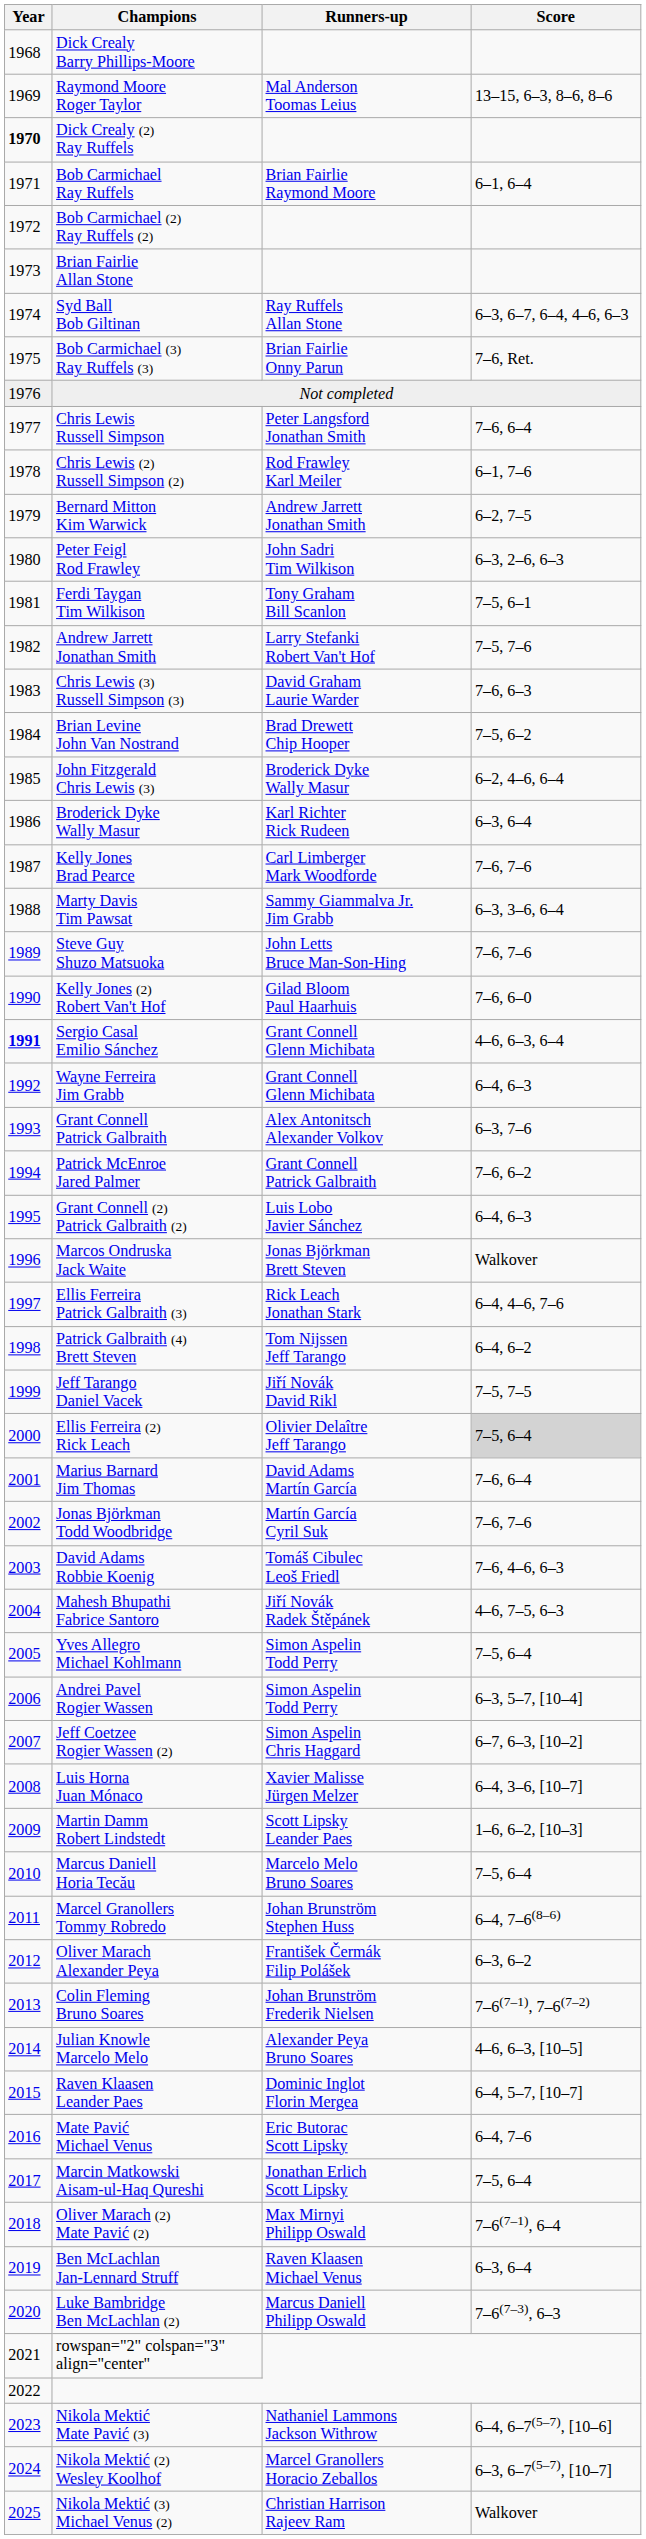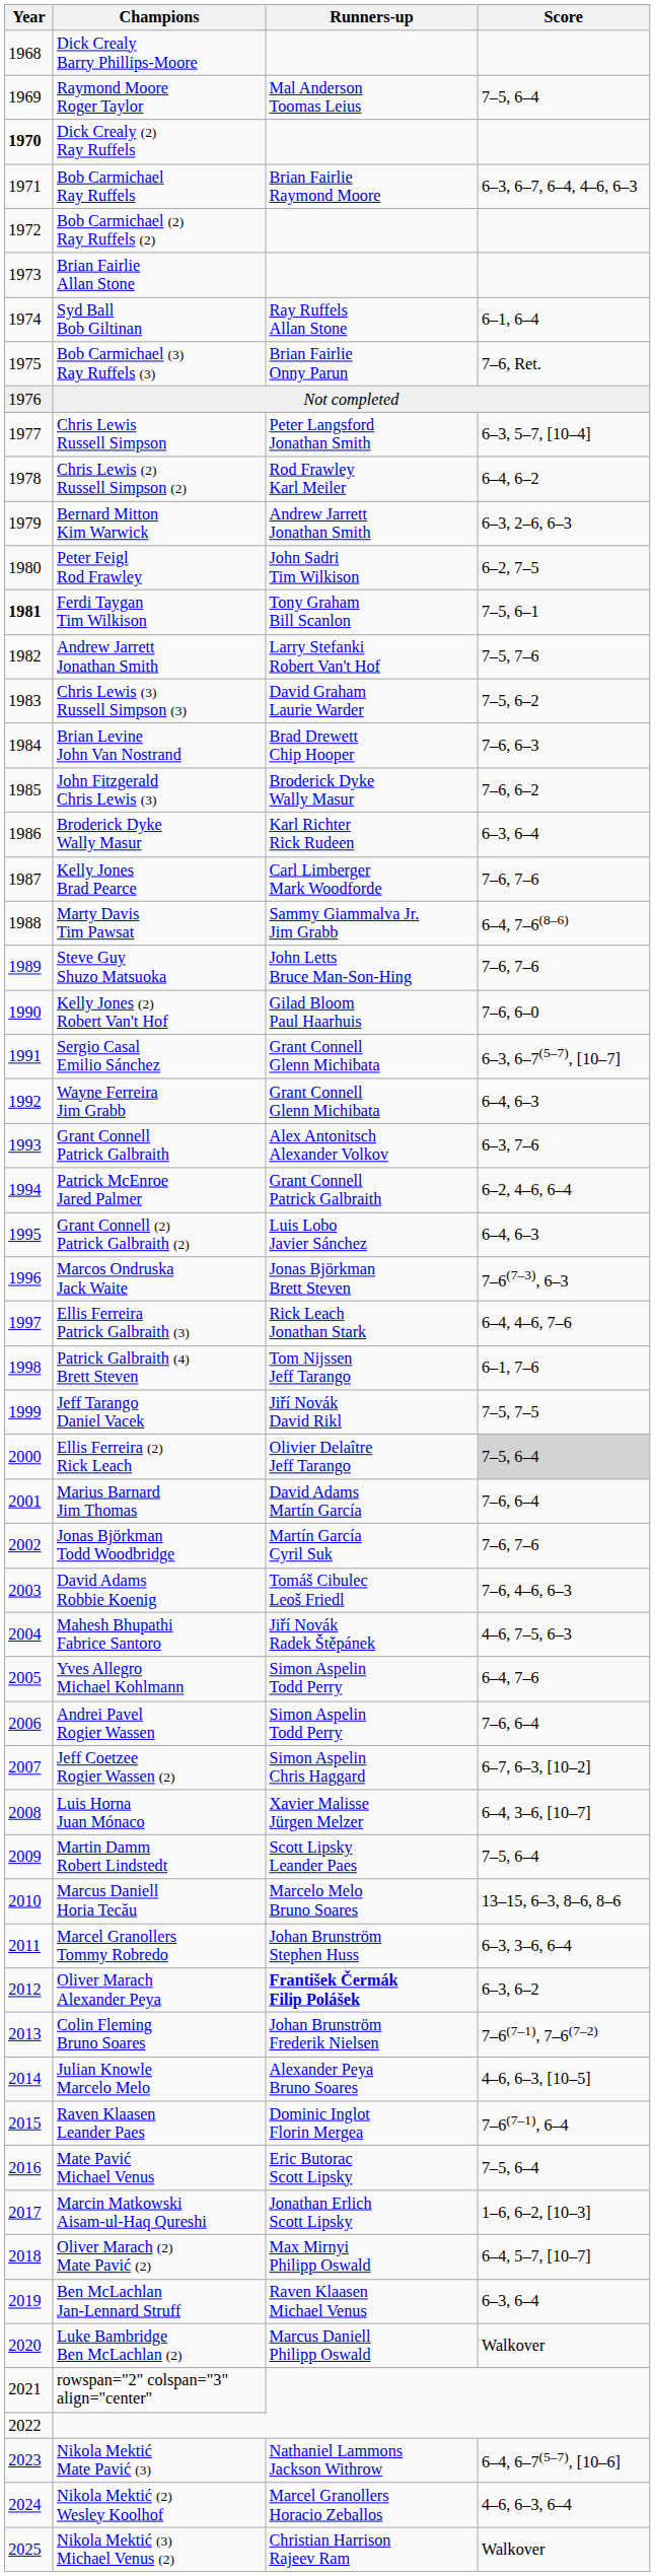 <table class="wikitable">
 <tr>
 <th style="width:40px">Year</th>
 <th style="width:200px">Champions</th>
 <th style="width:200px">Runners-up</th>
 <th style="width:160px" class="unsortable">Score</th>
 </tr>
 <tr>
 <td>1968</td>
 <td> <a href='#'>Dick Crealy</a><br> <a href='#'>Barry Phillips-Moore</a></td>
 <td></td>
 <td></td>
 </tr>
 <tr>
 <td>1969</td>
 <td> <a href='#'>Raymond Moore</a><br> <a href='#'>Roger Taylor</a></td>
 <td> <a href='#'>Mal Anderson</a><br> <a href='#'>Toomas Leius</a></td>
-<td>13–15, 6–3, 8–6, 8–6</td>
+<td>7–5, 6–4</td>
 </tr>
 <tr>
 <td><strong>1970</strong></td>
 <td> <a href='#'>Dick Crealy</a> <small>(2)</small><br> <a href='#'>Ray Ruffels</a></td>
 <td></td>
 <td></td>
 </tr>
 <tr>
 <td>1971</td>
 <td> <a href='#'>Bob Carmichael</a><br> <a href='#'>Ray Ruffels</a></td>
 <td> <a href='#'>Brian Fairlie</a><br> <a href='#'>Raymond Moore</a></td>
-<td>6–1, 6–4</td>
+<td>6–3, 6–7, 6–4, 4–6, 6–3</td>
 </tr>
 <tr>
 <td>1972</td>
 <td> <a href='#'>Bob Carmichael</a> <small>(2)</small><br> <a href='#'>Ray Ruffels</a> <small>(2)</small></td>
 <td></td>
 <td></td>
 </tr>
 <tr>
 <td>1973</td>
 <td> <a href='#'>Brian Fairlie</a><br> <a href='#'>Allan Stone</a></td>
 <td></td>
 <td></td>
 </tr>
 <tr>
 <td>1974</td>
 <td> <a href='#'>Syd Ball</a><br> <a href='#'>Bob Giltinan</a></td>
 <td> <a href='#'>Ray Ruffels</a><br> <a href='#'>Allan Stone</a></td>
-<td>6–3, 6–7, 6–4, 4–6, 6–3</td>
+<td>6–1, 6–4</td>
 </tr>
 <tr>
 <td>1975</td>
 <td> <a href='#'>Bob Carmichael</a> <small>(3)</small><br> <a href='#'>Ray Ruffels</a> <small>(3)</small></td>
 <td> <a href='#'>Brian Fairlie</a><br> <a href='#'>Onny Parun</a></td>
 <td>7–6, Ret.</td>
 </tr>
 <tr>
 <td style="background:#efefef">1976</td>
 <td colspan=3 align=center style="background:#efefef"><em>Not completed</em></td>
 </tr>
 <tr>
 <td>1977</td>
 <td> <a href='#'>Chris Lewis</a> <br> <a href='#'>Russell Simpson</a></td>
 <td> <a href='#'>Peter Langsford</a><br> <a href='#'>Jonathan Smith</a></td>
-<td>7–6, 6–4</td>
+<td>6–3, 5–7, [10–4]</td>
 </tr>
 <tr>
 <td>1978</td>
 <td> <a href='#'>Chris Lewis</a> <small>(2)</small><br> <a href='#'>Russell Simpson</a> <small>(2)</small></td>
 <td> <a href='#'>Rod Frawley</a><br> <a href='#'>Karl Meiler</a></td>
-<td>6–1, 7–6</td>
+<td>6–4, 6–2</td>
 </tr>
 <tr>
 <td>1979</td>
 <td> <a href='#'>Bernard Mitton</a><br> <a href='#'>Kim Warwick</a></td>
 <td> <a href='#'>Andrew Jarrett</a><br> <a href='#'>Jonathan Smith</a></td>
-<td>6–2, 7–5</td>
+<td>6–3, 2–6, 6–3</td>
 </tr>
 <tr>
 <td>1980</td>
 <td> <a href='#'>Peter Feigl</a><br> <a href='#'>Rod Frawley</a></td>
 <td> <a href='#'>John Sadri</a><br> <a href='#'>Tim Wilkison</a></td>
-<td>6–3, 2–6, 6–3</td>
+<td>6–2, 7–5</td>
 </tr>
 <tr>
-<td>1981</td>
+<td><strong>1981</strong></td>
 <td> <a href='#'>Ferdi Taygan</a><br> <a href='#'>Tim Wilkison</a></td>
 <td> <a href='#'>Tony Graham</a><br> <a href='#'>Bill Scanlon</a></td>
 <td>7–5, 6–1</td>
 </tr>
 <tr>
 <td>1982</td>
 <td> <a href='#'>Andrew Jarrett</a><br> <a href='#'>Jonathan Smith</a></td>
 <td> <a href='#'>Larry Stefanki</a><br> <a href='#'>Robert Van't Hof</a></td>
 <td>7–5, 7–6</td>
 </tr>
 <tr>
 <td>1983</td>
 <td> <a href='#'>Chris Lewis</a> <small>(3)</small><br> <a href='#'>Russell Simpson</a> <small>(3)</small></td>
 <td> <a href='#'>David Graham</a><br> <a href='#'>Laurie Warder</a></td>
-<td>7–6, 6–3</td>
+<td>7–5, 6–2</td>
 </tr>
 <tr>
 <td>1984</td>
 <td> <a href='#'>Brian Levine</a><br> <a href='#'>John Van Nostrand</a></td>
 <td> <a href='#'>Brad Drewett</a><br> <a href='#'>Chip Hooper</a></td>
-<td>7–5, 6–2</td>
+<td>7–6, 6–3</td>
 </tr>
 <tr>
 <td>1985</td>
 <td> <a href='#'>John Fitzgerald</a><br> <a href='#'>Chris Lewis</a> <small>(3)</small></td>
 <td> <a href='#'>Broderick Dyke</a><br> <a href='#'>Wally Masur</a></td>
-<td>6–2, 4–6, 6–4</td>
+<td>7–6, 6–2</td>
 </tr>
 <tr>
 <td>1986</td>
 <td> <a href='#'>Broderick Dyke</a><br> <a href='#'>Wally Masur</a></td>
 <td> <a href='#'>Karl Richter</a><br> <a href='#'>Rick Rudeen</a></td>
 <td>6–3, 6–4</td>
 </tr>
 <tr>
 <td>1987</td>
 <td> <a href='#'>Kelly Jones</a><br> <a href='#'>Brad Pearce</a></td>
 <td> <a href='#'>Carl Limberger</a><br> <a href='#'>Mark Woodforde</a></td>
 <td>7–6, 7–6</td>
 </tr>
 <tr>
 <td>1988</td>
 <td> <a href='#'>Marty Davis</a><br> <a href='#'>Tim Pawsat</a></td>
 <td> <a href='#'>Sammy Giammalva Jr.</a><br> <a href='#'>Jim Grabb</a></td>
-<td>6–3, 3–6, 6–4</td>
+<td>6–4, 7–6<sup>(8–6)</sup></td>
 </tr>
 <tr>
 <td><a href='#'>1989</a></td>
 <td> <a href='#'>Steve Guy</a><br> <a href='#'>Shuzo Matsuoka</a></td>
 <td> <a href='#'>John Letts</a><br> <a href='#'>Bruce Man-Son-Hing</a></td>
 <td>7–6, 7–6</td>
 </tr>
 <tr>
 <td><a href='#'>1990</a></td>
 <td> <a href='#'>Kelly Jones</a> <small>(2)</small><br> <a href='#'>Robert Van't Hof</a></td>
 <td> <a href='#'>Gilad Bloom</a><br> <a href='#'>Paul Haarhuis</a></td>
 <td>7–6, 6–0</td>
 </tr>
 <tr>
-<td><strong><a href='#'>1991</a></strong></td>
+<td><a href='#'>1991</a></td>
 <td> <a href='#'>Sergio Casal</a><br> <a href='#'>Emilio Sánchez</a></td>
 <td> <a href='#'>Grant Connell</a><br> <a href='#'>Glenn Michibata</a></td>
-<td>4–6, 6–3, 6–4</td>
+<td>6–3, 6–7<sup>(5–7)</sup>, [10–7]</td>
 </tr>
 <tr>
 <td><a href='#'>1992</a></td>
 <td> <a href='#'>Wayne Ferreira</a><br> <a href='#'>Jim Grabb</a></td>
 <td> <a href='#'>Grant Connell</a><br> <a href='#'>Glenn Michibata</a></td>
 <td>6–4, 6–3</td>
 </tr>
 <tr>
 <td><a href='#'>1993</a></td>
 <td> <a href='#'>Grant Connell</a><br> <a href='#'>Patrick Galbraith</a></td>
 <td> <a href='#'>Alex Antonitsch</a><br> <a href='#'>Alexander Volkov</a></td>
 <td>6–3, 7–6</td>
 </tr>
 <tr>
 <td><a href='#'>1994</a></td>
 <td> <a href='#'>Patrick McEnroe</a><br> <a href='#'>Jared Palmer</a></td>
 <td> <a href='#'>Grant Connell</a><br> <a href='#'>Patrick Galbraith</a></td>
-<td>7–6, 6–2</td>
+<td>6–2, 4–6, 6–4</td>
 </tr>
 <tr>
 <td><a href='#'>1995</a></td>
 <td> <a href='#'>Grant Connell</a> <small>(2)</small><br> <a href='#'>Patrick Galbraith</a> <small>(2)</small></td>
 <td> <a href='#'>Luis Lobo</a><br> <a href='#'>Javier Sánchez</a></td>
 <td>6–4, 6–3</td>
 </tr>
 <tr>
 <td><a href='#'>1996</a></td>
 <td> <a href='#'>Marcos Ondruska</a><br> <a href='#'>Jack Waite</a></td>
 <td> <a href='#'>Jonas Björkman</a><br> <a href='#'>Brett Steven</a></td>
-<td>Walkover</td>
+<td>7–6<sup>(7–3)</sup>, 6–3</td>
 </tr>
 <tr>
 <td><a href='#'>1997</a></td>
 <td> <a href='#'>Ellis Ferreira</a><br> <a href='#'>Patrick Galbraith</a> <small>(3)</small></td>
 <td> <a href='#'>Rick Leach</a><br> <a href='#'>Jonathan Stark</a></td>
 <td>6–4, 4–6, 7–6</td>
 </tr>
 <tr>
 <td><a href='#'>1998</a></td>
 <td> <a href='#'>Patrick Galbraith</a> <small>(4)</small><br> <a href='#'>Brett Steven</a></td>
 <td> <a href='#'>Tom Nijssen</a><br> <a href='#'>Jeff Tarango</a></td>
-<td>6–4, 6–2</td>
+<td>6–1, 7–6</td>
 </tr>
 <tr>
 <td><a href='#'>1999</a></td>
 <td> <a href='#'>Jeff Tarango</a><br> <a href='#'>Daniel Vacek</a></td>
 <td> <a href='#'>Jiří Novák</a><br> <a href='#'>David Rikl</a></td>
 <td>7–5, 7–5</td>
 </tr>
 <tr>
 <td><a href='#'>2000</a></td>
 <td> <a href='#'>Ellis Ferreira</a> <small>(2)</small><br> <a href='#'>Rick Leach</a></td>
 <td> <a href='#'>Olivier Delaître</a><br> <a href='#'>Jeff Tarango</a></td>
 <td style="background: lightgrey;">7–5, 6–4</td>
 </tr>
 <tr>
 <td><a href='#'>2001</a></td>
 <td> <a href='#'>Marius Barnard</a><br> <a href='#'>Jim Thomas</a></td>
 <td> <a href='#'>David Adams</a><br> <a href='#'>Martín García</a></td>
 <td>7–6, 6–4</td>
 </tr>
 <tr>
 <td><a href='#'>2002</a></td>
 <td> <a href='#'>Jonas Björkman</a><br> <a href='#'>Todd Woodbridge</a></td>
 <td> <a href='#'>Martín García</a><br> <a href='#'>Cyril Suk</a></td>
 <td>7–6, 7–6</td>
 </tr>
 <tr>
 <td><a href='#'>2003</a></td>
 <td> <a href='#'>David Adams</a><br> <a href='#'>Robbie Koenig</a></td>
 <td> <a href='#'>Tomáš Cibulec</a><br> <a href='#'>Leoš Friedl</a></td>
 <td>7–6, 4–6, 6–3</td>
 </tr>
 <tr>
 <td><a href='#'>2004</a></td>
 <td> <a href='#'>Mahesh Bhupathi</a><br> <a href='#'>Fabrice Santoro</a></td>
 <td> <a href='#'>Jiří Novák</a><br> <a href='#'>Radek Štěpánek</a></td>
 <td>4–6, 7–5, 6–3</td>
 </tr>
 <tr>
 <td><a href='#'>2005</a></td>
 <td> <a href='#'>Yves Allegro</a><br> <a href='#'>Michael Kohlmann</a></td>
 <td> <a href='#'>Simon Aspelin</a><br> <a href='#'>Todd Perry</a></td>
-<td>7–5, 6–4</td>
+<td>6–4, 7–6</td>
 </tr>
 <tr>
 <td><a href='#'>2006</a></td>
 <td> <a href='#'>Andrei Pavel</a><br> <a href='#'>Rogier Wassen</a></td>
 <td> <a href='#'>Simon Aspelin</a><br> <a href='#'>Todd Perry</a></td>
-<td>6–3, 5–7, [10–4]</td>
+<td>7–6, 6–4</td>
 </tr>
 <tr>
 <td><a href='#'>2007</a></td>
 <td> <a href='#'>Jeff Coetzee</a><br> <a href='#'>Rogier Wassen</a> <small>(2)</small></td>
 <td> <a href='#'>Simon Aspelin</a><br> <a href='#'>Chris Haggard</a></td>
 <td>6–7, 6–3, [10–2]</td>
 </tr>
 <tr>
 <td><a href='#'>2008</a></td>
 <td> <a href='#'>Luis Horna</a><br> <a href='#'>Juan Mónaco</a></td>
 <td> <a href='#'>Xavier Malisse</a><br> <a href='#'>Jürgen Melzer</a></td>
 <td>6–4, 3–6, [10–7]</td>
 </tr>
 <tr>
 <td><a href='#'>2009</a></td>
 <td> <a href='#'>Martin Damm</a><br> <a href='#'>Robert Lindstedt</a></td>
 <td> <a href='#'>Scott Lipsky</a><br> <a href='#'>Leander Paes</a></td>
-<td>1–6, 6–2, [10–3]</td>
+<td>7–5, 6–4</td>
 </tr>
 <tr>
 <td><a href='#'>2010</a></td>
 <td> <a href='#'>Marcus Daniell</a><br> <a href='#'>Horia Tecău</a></td>
 <td> <a href='#'>Marcelo Melo</a><br> <a href='#'>Bruno Soares</a></td>
-<td>7–5, 6–4</td>
+<td>13–15, 6–3, 8–6, 8–6</td>
 </tr>
 <tr>
 <td><a href='#'>2011</a></td>
 <td> <a href='#'>Marcel Granollers</a> <br> <a href='#'>Tommy Robredo</a></td>
 <td> <a href='#'>Johan Brunström</a> <br> <a href='#'>Stephen Huss</a></td>
-<td>6–4, 7–6<sup>(8–6)</sup></td>
+<td>6–3, 3–6, 6–4</td>
 </tr>
 <tr>
 <td><a href='#'>2012</a></td>
 <td> <a href='#'>Oliver Marach</a> <br> <a href='#'>Alexander Peya</a></td>
-<td> <a href='#'>František Čermák</a> <br> <a href='#'>Filip Polášek</a></td>
+<td><strong> <a href='#'>František Čermák</a> <br> <a href='#'>Filip Polášek</a></strong></td>
 <td>6–3, 6–2</td>
 </tr>
 <tr>
 <td><a href='#'>2013</a></td>
 <td> <a href='#'>Colin Fleming</a> <br> <a href='#'>Bruno Soares</a></td>
 <td> <a href='#'>Johan Brunström</a> <br> <a href='#'>Frederik Nielsen</a></td>
 <td>7–6<sup>(7–1)</sup>, 7–6<sup>(7–2)</sup></td>
 </tr>
 <tr>
 <td><a href='#'>2014</a></td>
 <td> <a href='#'>Julian Knowle</a> <br> <a href='#'>Marcelo Melo</a></td>
 <td> <a href='#'>Alexander Peya</a> <br> <a href='#'>Bruno Soares</a></td>
 <td>4–6, 6–3, [10–5]</td>
 </tr>
 <tr>
 <td><a href='#'>2015</a></td>
 <td> <a href='#'>Raven Klaasen</a><br> <a href='#'>Leander Paes</a></td>
 <td> <a href='#'>Dominic Inglot</a><br> <a href='#'>Florin Mergea</a></td>
-<td>6–4, 5–7, [10–7]</td>
+<td>7–6<sup>(7–1)</sup>, 6–4</td>
 </tr>
 <tr>
 <td><a href='#'>2016</a></td>
 <td> <a href='#'>Mate Pavić</a><br> <a href='#'>Michael Venus</a></td>
 <td> <a href='#'>Eric Butorac</a><br> <a href='#'>Scott Lipsky</a></td>
-<td>6–4, 7–6</td>
+<td>7–5, 6–4</td>
 </tr>
 <tr>
 <td><a href='#'>2017</a></td>
 <td> <a href='#'>Marcin Matkowski</a><br> <a href='#'>Aisam-ul-Haq Qureshi</a></td>
 <td> <a href='#'>Jonathan Erlich</a><br> <a href='#'>Scott Lipsky</a></td>
-<td>7–5, 6–4</td>
+<td>1–6, 6–2, [10–3]</td>
 </tr>
 <tr>
 <td><a href='#'>2018</a></td>
 <td> <a href='#'>Oliver Marach</a> <small>(2)</small> <br> <a href='#'>Mate Pavić</a> <small>(2)</small></td>
 <td> <a href='#'>Max Mirnyi</a><br> <a href='#'>Philipp Oswald</a></td>
-<td>7–6<sup>(7–1)</sup>, 6–4</td>
+<td>6–4, 5–7, [10–7]</td>
 </tr>
 <tr>
 <td><a href='#'>2019</a></td>
 <td> <a href='#'>Ben McLachlan</a><br> <a href='#'>Jan-Lennard Struff</a></td>
 <td> <a href='#'>Raven Klaasen</a><br> <a href='#'>Michael Venus</a></td>
 <td>6–3, 6–4</td>
 </tr>
 <tr>
 <td><a href='#'>2020</a></td>
 <td> <a href='#'>Luke Bambridge</a><br> <a href='#'>Ben McLachlan</a> <small>(2)</small></td>
 <td> <a href='#'>Marcus Daniell</a><br> <a href='#'>Philipp Oswald</a></td>
-<td>7–6<sup>(7–3)</sup>, 6–3</td>
+<td>Walkover</td>
 </tr>
 <tr>
 <td>2021</td>
 <td>rowspan="2" colspan="3" align="center" </td>
 </tr>
 <tr>
 <td>2022</td>
 </tr>
 <tr>
 <td><a href='#'>2023</a></td>
 <td> <a href='#'>Nikola Mektić</a><br> <a href='#'>Mate Pavić</a> <small>(3)</small></td>
 <td> <a href='#'>Nathaniel Lammons</a><br> <a href='#'>Jackson Withrow</a></td>
 <td>6–4, 6–7<sup>(5–7)</sup>, [10–6]</td>
 </tr>
 <tr>
 <td><a href='#'>2024</a></td>
 <td> <a href='#'>Nikola Mektić</a> <small>(2)</small> <br> <a href='#'>Wesley Koolhof</a></td>
 <td> <a href='#'>Marcel Granollers</a><br> <a href='#'>Horacio Zeballos</a></td>
-<td>6–3, 6–7<sup>(5–7)</sup>, [10–7]</td>
+<td>4–6, 6–3, 6–4</td>
 </tr>
 <tr>
 <td><a href='#'>2025</a></td>
 <td> <a href='#'>Nikola Mektić</a> <small>(3)</small> <br> <a href='#'>Michael Venus</a> <small>(2)</small></td>
 <td> <a href='#'>Christian Harrison</a><br> <a href='#'>Rajeev Ram</a></td>
 <td>Walkover</td>
 </tr>
 </table>
